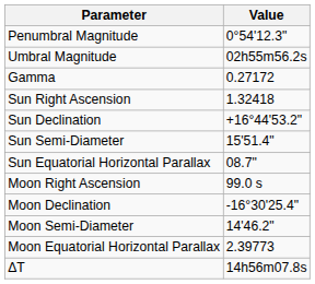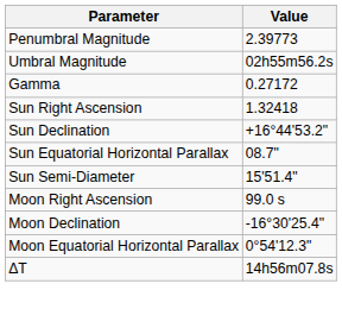 <table class="wikitable">
 <tr>
 <th>Parameter</th>
 <th>Value</th>
 </tr>
 <tr>
 <td>Penumbral Magnitude</td>
-<td>0°54'12.3"</td>
+<td>2.39773</td>
 </tr>
 <tr>
 <td>Umbral Magnitude</td>
 <td>02h55m56.2s</td>
 </tr>
 <tr>
 <td>Gamma</td>
 <td>0.27172</td>
 </tr>
 <tr>
 <td>Sun Right Ascension</td>
 <td>1.32418</td>
 </tr>
 <tr>
 <td>Sun Declination</td>
 <td>+16°44'53.2"</td>
 </tr>
 <tr>
+<td>Sun Equatorial Horizontal Parallax</td>
+<td>08.7"</td>
+</tr>
+<tr>
 <td>Sun Semi-Diameter</td>
 <td>15'51.4"</td>
-</tr>
-<tr>
-<td>Sun Equatorial Horizontal Parallax</td>
-<td>08.7"</td>
 </tr>
 <tr>
 <td>Moon Right Ascension</td>
 <td>99.0 s</td>
 </tr>
 <tr>
 <td>Moon Declination</td>
 <td>-16°30'25.4"</td>
 </tr>
 <tr>
-<td>Moon Semi-Diameter</td>
-<td>14'46.2"</td>
-</tr>
-<tr>
 <td>Moon Equatorial Horizontal Parallax</td>
-<td>2.39773</td>
+<td>0°54'12.3"</td>
 </tr>
 <tr>
 <td>ΔT</td>
 <td>14h56m07.8s</td>
 </tr>
 </table>
